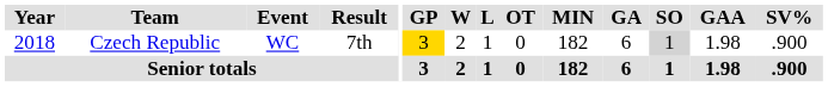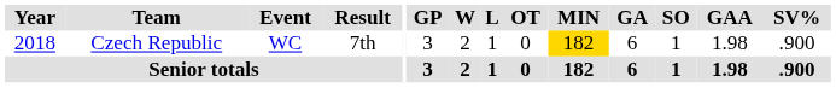 <table border="0" cellpadding="1" cellspacing="0" ID="Table3" style="text-align:center; width:40em">
 <tr ALIGN="center" bgcolor="#e0e0e0">
 <th>Year</th>
 <th>Team</th>
 <th>Event</th>
 <th>Result</th>
 <th rowspan="99" bgcolor="#ffffff"></th>
 <th>GP</th>
 <th>W</th>
 <th>L</th>
 <th>OT</th>
 <th>MIN</th>
 <th>GA</th>
 <th>SO</th>
 <th>GAA</th>
 <th>SV%</th>
 </tr>
 <tr ALIGN="center">
 <td><a href='#'>2018</a></td>
 <td><a href='#'>Czech Republic</a></td>
 <td><a href='#'>WC</a></td>
 <td>7th</td>
-<td style="background: gold;">3</td>
+<td>3</td>
 <td>2</td>
 <td>1</td>
 <td>0</td>
-<td>182</td>
+<td style="background: gold;">182</td>
 <td>6</td>
-<td style="background: lightgrey;">1</td>
+<td>1</td>
 <td>1.98</td>
 <td>.900</td>
 </tr>
 <tr ALIGN="center" bgcolor="#e0e0e0">
 <th colspan=4>Senior totals</th>
 <th>3</th>
 <th>2</th>
 <th>1</th>
 <th>0</th>
 <th>182</th>
 <th>6</th>
 <th>1</th>
 <th>1.98</th>
 <th>.900</th>
 </tr>
 </table>
